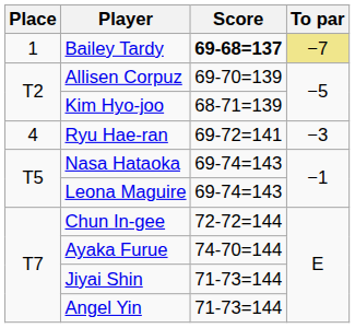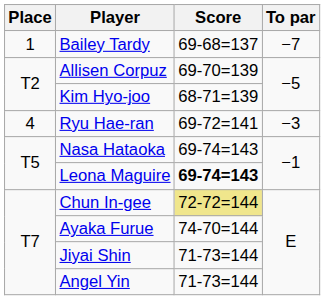 <table class="wikitable">
 <tr>
 <th>Place</th>
 <th>Player</th>
 <th>Score</th>
 <th>To par</th>
 </tr>
 <tr>
 <td align=center>1</td>
 <td> <a href='#'>Bailey Tardy</a></td>
-<td align=center><strong>69-68=137</strong></td>
-<td align=center style="background: khaki;">−7</td>
+<td align=center>69-68=137</td>
+<td align=center>−7</td>
 </tr>
 <tr>
 <td rowspan=2 align=center>T2</td>
 <td> <a href='#'>Allisen Corpuz</a></td>
 <td align=center>69-70=139</td>
 <td rowspan=2 align=center>−5</td>
 </tr>
 <tr>
 <td> <a href='#'>Kim Hyo-joo</a></td>
 <td align=center>68-71=139</td>
 </tr>
 <tr>
 <td align=center>4</td>
 <td> <a href='#'>Ryu Hae-ran</a></td>
 <td align=center>69-72=141</td>
 <td align=center>−3</td>
 </tr>
 <tr>
 <td rowspan=2 align=center>T5</td>
 <td> <a href='#'>Nasa Hataoka</a></td>
 <td align=center>69-74=143</td>
 <td rowspan=2 align=center>−1</td>
 </tr>
 <tr>
 <td> <a href='#'>Leona Maguire</a></td>
-<td align=center>69-74=143</td>
+<td align=center><strong>69-74=143</strong></td>
 </tr>
 <tr>
 <td rowspan=4 align=center>T7</td>
 <td> <a href='#'>Chun In-gee</a></td>
-<td align=center>72-72=144</td>
+<td align=center style="background: khaki;">72-72=144</td>
 <td rowspan=4 align=center>E</td>
 </tr>
 <tr>
 <td> <a href='#'>Ayaka Furue</a></td>
 <td align=center>74-70=144</td>
 </tr>
 <tr>
 <td> <a href='#'>Jiyai Shin</a></td>
 <td align=center>71-73=144</td>
 </tr>
 <tr>
 <td> <a href='#'>Angel Yin</a></td>
 <td align=center>71-73=144</td>
 </tr>
 </table>
